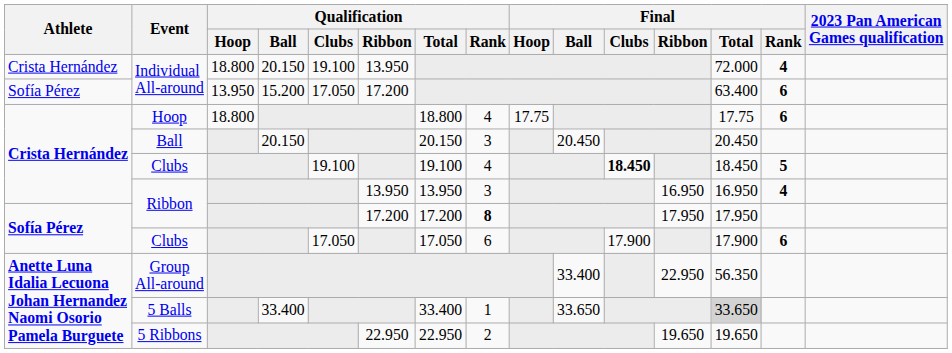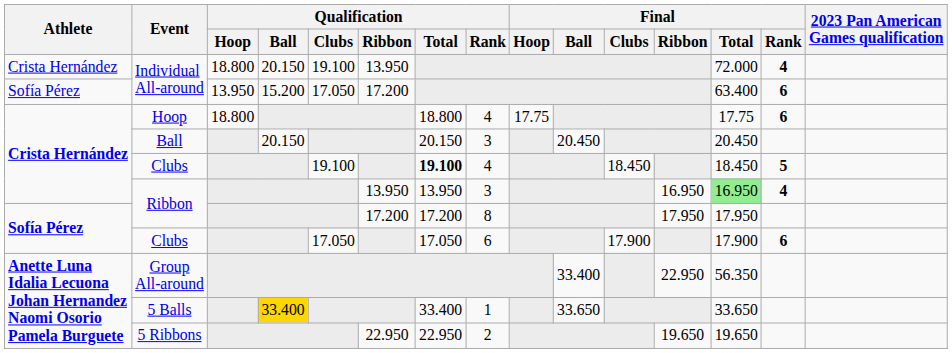 <table class="wikitable">
 <tr>
 <th rowspan="2">Athlete</th>
 <th rowspan="2">Event</th>
 <th colspan="6">Qualification</th>
 <th colspan="6">Final</th>
 <th rowspan="2"><a href='#'>2023 Pan American <br> Games qualification</a></th>
 </tr>
 <tr>
 <th>Hoop</th>
 <th>Ball</th>
 <th>Clubs</th>
 <th>Ribbon</th>
 <th>Total</th>
 <th>Rank</th>
 <th>Hoop</th>
 <th>Ball</th>
 <th>Clubs</th>
 <th>Ribbon</th>
 <th>Total</th>
 <th>Rank</th>
 </tr>
 <tr align="center">
 <td style="white-space: nowrap;" align="left"><a href='#'>Crista Hernández</a></td>
 <td rowspan="2" align="left"><a href='#'>Individual<br>All-around</a></td>
 <td>18.800</td>
 <td>20.150</td>
 <td>19.100</td>
 <td>13.950</td>
 <td colspan="6" style="background: #ECECEC; vertical-align: middle; text-align: center; " class="table-cast"></td>
 <td>72.000</td>
 <td><strong>4</strong></td>
 <td></td>
 </tr>
 <tr align="center">
 <td style="white-space: nowrap;" align="left"><a href='#'>Sofía Pérez</a></td>
 <td>13.950</td>
 <td>15.200</td>
 <td>17.050</td>
 <td>17.200</td>
 <td colspan="6" style="background: #ECECEC; vertical-align: middle; text-align: center; " class="table-cast"></td>
 <td>63.400</td>
 <td><strong>6</strong></td>
 <td></td>
 </tr>
 <tr align="center">
 <td style="white-space: nowrap;" align="left" rowspan="4"><strong><a href='#'>Crista Hernández</a></strong></td>
 <td><a href='#'>Hoop</a></td>
 <td>18.800</td>
 <td colspan="3" style="background: #ECECEC; vertical-align: middle; text-align: center; " class="table-cast"></td>
 <td>18.800</td>
 <td>4</td>
 <td>17.75</td>
 <td colspan="3" style="background: #ECECEC; vertical-align: middle; text-align: center; " class="table-cast"></td>
 <td>17.75</td>
 <td><strong>6</strong></td>
 <td></td>
 </tr>
 <tr align="center">
 <td><a href='#'>Ball</a></td>
 <td style="background: #ECECEC; vertical-align: middle; text-align: center; " class="table-cast"></td>
 <td>20.150</td>
 <td colspan="2" style="background: #ECECEC; vertical-align: middle; text-align: center; " class="table-cast"></td>
 <td>20.150</td>
 <td>3</td>
 <td style="background: #ECECEC; vertical-align: middle; text-align: center; " class="table-cast"></td>
 <td>20.450</td>
 <td colspan="2" style="background: #ECECEC; vertical-align: middle; text-align: center; " class="table-cast"></td>
 <td>20.450</td>
 <td><strong></strong></td>
 <td></td>
 </tr>
 <tr align="center">
 <td><a href='#'>Clubs</a></td>
 <td colspan="2" style="background: #ECECEC; vertical-align: middle; text-align: center; " class="table-cast"></td>
 <td>19.100</td>
 <td style="background: #ECECEC; vertical-align: middle; text-align: center; " class="table-cast"></td>
-<td>19.100</td>
+<td><strong>19.100</strong></td>
 <td>4</td>
 <td colspan="2" style="background: #ECECEC; vertical-align: middle; text-align: center; " class="table-cast"></td>
-<td><strong>18.450</strong></td>
+<td>18.450</td>
 <td style="background: #ECECEC; vertical-align: middle; text-align: center; " class="table-cast"></td>
 <td>18.450</td>
 <td><strong>5</strong></td>
 <td></td>
 </tr>
 <tr align="center">
 <td rowspan="2"><a href='#'>Ribbon</a></td>
 <td colspan="3" style="background: #ECECEC; vertical-align: middle; text-align: center; " class="table-cast"></td>
 <td>13.950</td>
 <td>13.950</td>
 <td>3</td>
 <td colspan="3" style="background: #ECECEC; vertical-align: middle; text-align: center; " class="table-cast"></td>
 <td>16.950</td>
-<td>16.950</td>
+<td style="background: lightgreen;">16.950</td>
 <td><strong>4</strong></td>
 <td></td>
 </tr>
 <tr align="center">
 <td style="white-space: nowrap;" align="left" rowspan="2"><a href='#'><strong>Sofía Pérez</strong></a></td>
 <td colspan="3" style="background: #ECECEC; vertical-align: middle; text-align: center; " class="table-cast"></td>
 <td>17.200</td>
 <td>17.200</td>
-<td><strong>8</strong></td>
+<td>8</td>
 <td colspan="3" style="background: #ECECEC; vertical-align: middle; text-align: center; " class="table-cast"></td>
 <td>17.950</td>
 <td>17.950</td>
 <td><strong></strong></td>
 <td></td>
 </tr>
 <tr align="center">
 <td><a href='#'>Clubs</a></td>
 <td colspan="2" style="background: #ECECEC; vertical-align: middle; text-align: center; " class="table-cast"></td>
 <td>17.050</td>
 <td style="background: #ECECEC; vertical-align: middle; text-align: center; " class="table-cast"></td>
 <td>17.050</td>
 <td>6</td>
 <td colspan="2" style="background: #ECECEC; vertical-align: middle; text-align: center; " class="table-cast"></td>
 <td>17.900</td>
 <td style="background: #ECECEC; vertical-align: middle; text-align: center; " class="table-cast"></td>
 <td>17.900</td>
 <td><strong>6</strong></td>
 <td></td>
 </tr>
 <tr align="center">
 <td style="white-space: nowrap;" align="left" rowspan="3"><strong><a href='#'>Anette Luna</a><br><a href='#'>Idalia Lecuona</a><br><a href='#'>Johan Hernandez</a><br><a href='#'>Naomi Osorio</a><br><a href='#'>Pamela Burguete</a></strong></td>
 <td><a href='#'>Group<br>All-around</a></td>
 <td colspan="7" style="background: #ECECEC; vertical-align: middle; text-align: center; " class="table-cast"></td>
 <td>33.400</td>
 <td style="background: #ECECEC; vertical-align: middle; text-align: center; " class="table-cast"></td>
 <td>22.950</td>
 <td>56.350</td>
 <td><strong></strong></td>
 <td></td>
 </tr>
 <tr align="center">
 <td><a href='#'>5 Balls</a></td>
 <td style="background: #ECECEC; vertical-align: middle; text-align: center; " class="table-cast"></td>
-<td>33.400</td>
+<td style="background: gold;">33.400</td>
 <td colspan="2" style="background: #ECECEC; vertical-align: middle; text-align: center; " class="table-cast"></td>
 <td>33.400</td>
 <td>1</td>
 <td style="background: #ECECEC; vertical-align: middle; text-align: center; " class="table-cast"></td>
 <td>33.650</td>
 <td colspan="2" style="background: #ECECEC; vertical-align: middle; text-align: center; " class="table-cast"></td>
-<td style="background: lightgrey;">33.650</td>
+<td>33.650</td>
 <td></td>
 <td></td>
 </tr>
 <tr align="center">
 <td><a href='#'>5 Ribbons</a></td>
 <td colspan="3" style="background: #ECECEC; vertical-align: middle; text-align: center; " class="table-cast"></td>
 <td>22.950</td>
 <td>22.950</td>
 <td>2</td>
 <td colspan="3" style="background: #ECECEC; vertical-align: middle; text-align: center; " class="table-cast"></td>
 <td>19.650</td>
 <td>19.650</td>
 <td></td>
 <td></td>
 </tr>
 </table>
